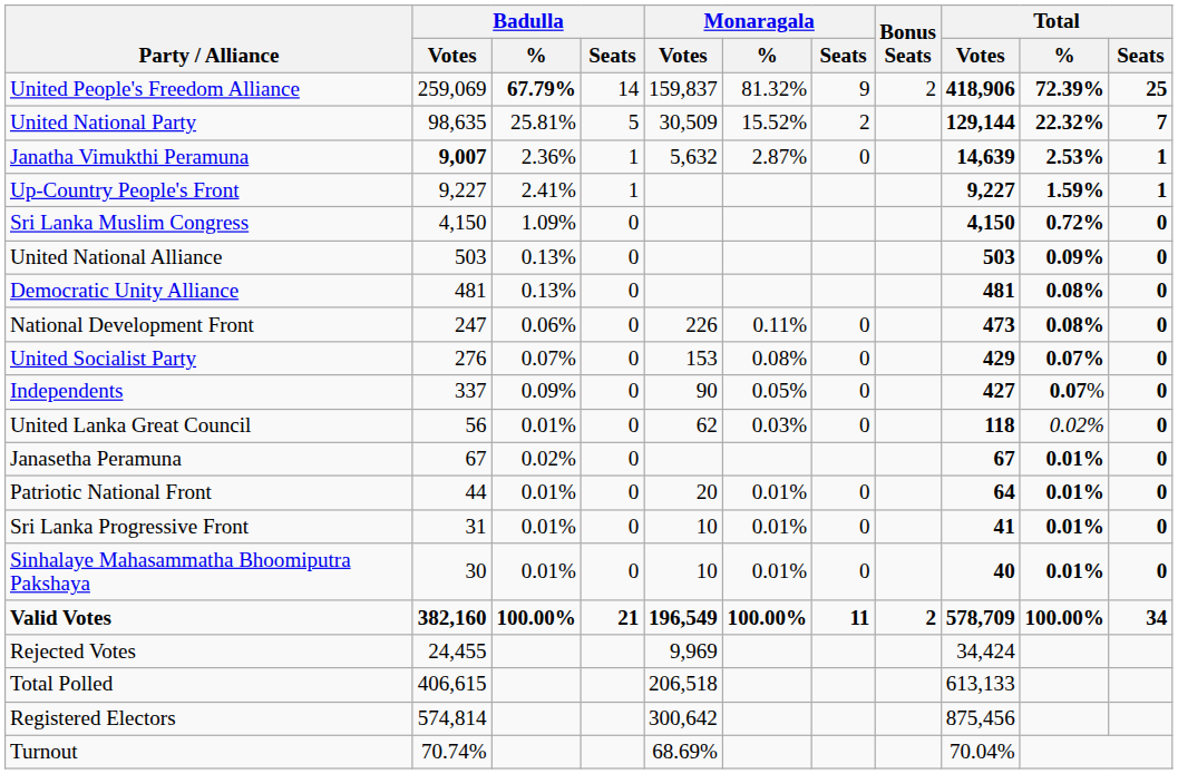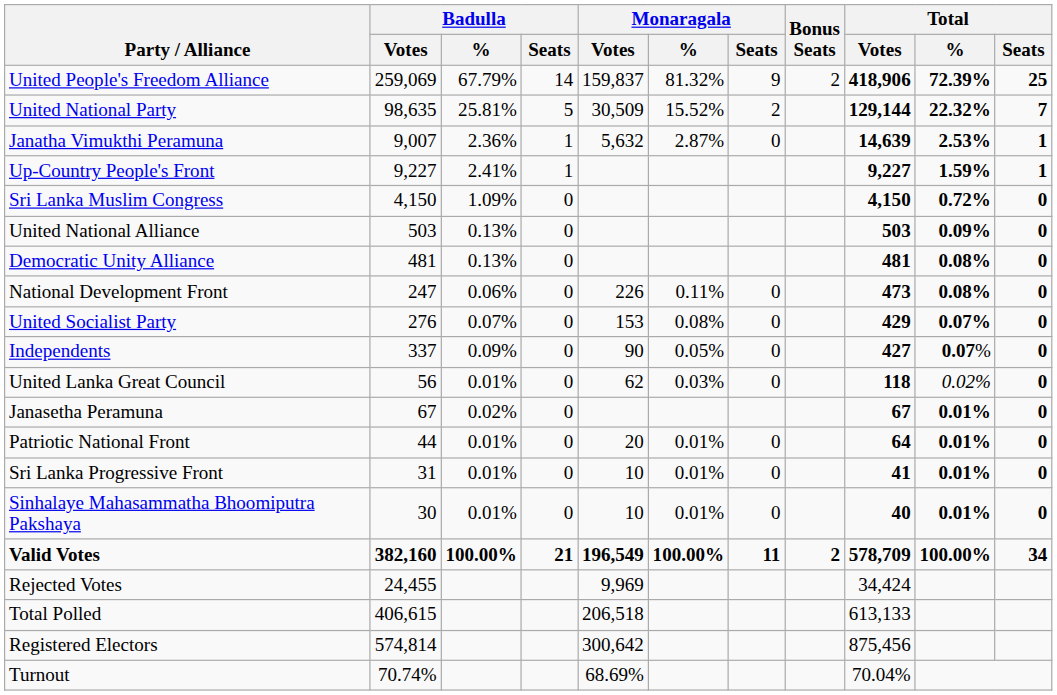 <table class="wikitable" border="1" style="text-align:right;">
 <tr>
 <th valign=bottom rowspan=2 width="300">Party / Alliance</th>
 <th colspan=3><a href='#'>Badulla</a></th>
 <th colspan=3><a href='#'>Monaragala</a></th>
 <th valign=bottom rowspan=2 width="40">Bonus<br>Seats</th>
 <th colspan=3>Total</th>
 </tr>
 <tr>
 <th align=center valign=bottom width="50">Votes</th>
 <th align=center valign=bottom width="50">%</th>
 <th align=center valign=bottom width="40">Seats</th>
 <th align=center valign=bottom width="50">Votes</th>
 <th align=center valign=bottom width="50">%</th>
 <th align=center valign=bottom width="40">Seats</th>
 <th align=center valign=bottom width="50">Votes</th>
 <th align=center valign=bottom width="50">%</th>
 <th align=center valign=bottom width="40">Seats</th>
 </tr>
 <tr>
 <td align=left><a href='#'>United People's Freedom Alliance</a></td>
 <td>259,069</td>
-<td><strong>67.79%</strong></td>
+<td>67.79%</td>
 <td>14</td>
 <td>159,837</td>
 <td>81.32%</td>
 <td>9</td>
 <td>2</td>
 <td><strong>418,906</strong></td>
 <td><strong>72.39%</strong></td>
 <td><strong>25</strong></td>
 </tr>
 <tr>
 <td align=left><a href='#'>United National Party</a></td>
 <td>98,635</td>
 <td>25.81%</td>
 <td>5</td>
 <td>30,509</td>
 <td>15.52%</td>
 <td>2</td>
 <td></td>
 <td><strong>129,144</strong></td>
 <td><strong>22.32%</strong></td>
 <td><strong>7</strong></td>
 </tr>
 <tr>
 <td align=left><a href='#'>Janatha Vimukthi Peramuna</a></td>
-<td><strong>9,007</strong></td>
+<td>9,007</td>
 <td>2.36%</td>
 <td>1</td>
 <td>5,632</td>
 <td>2.87%</td>
 <td>0</td>
 <td></td>
 <td><strong>14,639</strong></td>
 <td><strong>2.53%</strong></td>
 <td><strong>1</strong></td>
 </tr>
 <tr>
 <td align=left><a href='#'>Up-Country People's Front</a></td>
 <td>9,227</td>
 <td>2.41%</td>
 <td>1</td>
 <td></td>
 <td></td>
 <td></td>
 <td></td>
 <td><strong>9,227</strong></td>
 <td><strong>1.59%</strong></td>
 <td><strong>1</strong></td>
 </tr>
 <tr>
 <td align=left><a href='#'>Sri Lanka Muslim Congress</a></td>
 <td>4,150</td>
 <td>1.09%</td>
 <td>0</td>
 <td></td>
 <td></td>
 <td></td>
 <td></td>
 <td><strong>4,150</strong></td>
 <td><strong>0.72%</strong></td>
 <td><strong>0</strong></td>
 </tr>
 <tr>
 <td align=left>United National Alliance</td>
 <td>503</td>
 <td>0.13%</td>
 <td>0</td>
 <td></td>
 <td></td>
 <td></td>
 <td></td>
 <td><strong>503</strong></td>
 <td><strong>0.09%</strong></td>
 <td><strong>0</strong></td>
 </tr>
 <tr>
 <td align=left><a href='#'>Democratic Unity Alliance</a></td>
 <td>481</td>
 <td>0.13%</td>
 <td>0</td>
 <td></td>
 <td></td>
 <td></td>
 <td></td>
 <td><strong>481</strong></td>
 <td><strong>0.08%</strong></td>
 <td><strong>0</strong></td>
 </tr>
 <tr>
 <td align=left>National Development Front</td>
 <td>247</td>
 <td>0.06%</td>
 <td>0</td>
 <td>226</td>
 <td>0.11%</td>
 <td>0</td>
 <td></td>
 <td><strong>473</strong></td>
 <td><strong>0.08%</strong></td>
 <td><strong>0</strong></td>
 </tr>
 <tr>
 <td align=left><a href='#'>United Socialist Party</a></td>
 <td>276</td>
 <td>0.07%</td>
 <td>0</td>
 <td>153</td>
 <td>0.08%</td>
 <td>0</td>
 <td></td>
 <td><strong>429</strong></td>
 <td><strong>0.07%</strong></td>
 <td><strong>0</strong></td>
 </tr>
 <tr>
 <td align=left><a href='#'>Independents</a></td>
 <td>337</td>
 <td>0.09%</td>
 <td>0</td>
 <td>90</td>
 <td>0.05%</td>
 <td>0</td>
 <td></td>
 <td><strong>427</strong></td>
 <td><strong>0.07</strong>%</td>
 <td><strong>0</strong></td>
 </tr>
 <tr>
 <td align=left>United Lanka Great Council</td>
 <td>56</td>
 <td>0.01%</td>
 <td>0</td>
 <td>62</td>
 <td>0.03%</td>
 <td>0</td>
 <td></td>
 <td><strong>118</strong></td>
 <td><em>0.02%</em></td>
 <td><strong>0</strong></td>
 </tr>
 <tr>
 <td align=left>Janasetha Peramuna</td>
 <td>67</td>
 <td>0.02%</td>
 <td>0</td>
 <td></td>
 <td></td>
 <td></td>
 <td></td>
 <td><strong>67</strong></td>
 <td><strong>0.01%</strong></td>
 <td><strong>0</strong></td>
 </tr>
 <tr>
 <td align=left>Patriotic National Front</td>
 <td>44</td>
 <td>0.01%</td>
 <td>0</td>
 <td>20</td>
 <td>0.01%</td>
 <td>0</td>
 <td></td>
 <td><strong>64</strong></td>
 <td><strong>0.01%</strong></td>
 <td><strong>0</strong></td>
 </tr>
 <tr>
 <td align=left>Sri Lanka Progressive Front</td>
 <td>31</td>
 <td>0.01%</td>
 <td>0</td>
 <td>10</td>
 <td>0.01%</td>
 <td>0</td>
 <td></td>
 <td><strong>41</strong></td>
 <td><strong>0.01%</strong></td>
 <td><strong>0</strong></td>
 </tr>
 <tr>
 <td align=left><a href='#'>Sinhalaye Mahasammatha Bhoomiputra Pakshaya</a></td>
 <td>30</td>
 <td>0.01%</td>
 <td>0</td>
 <td>10</td>
 <td>0.01%</td>
 <td>0</td>
 <td></td>
 <td><strong>40</strong></td>
 <td><strong>0.01%</strong></td>
 <td><strong>0</strong></td>
 </tr>
 <tr>
 <td align=left><strong>Valid Votes</strong></td>
 <td><strong>382,160</strong></td>
 <td><strong>100.00%</strong></td>
 <td><strong>21</strong></td>
 <td><strong>196,549</strong></td>
 <td><strong>100.00%</strong></td>
 <td><strong>11</strong></td>
 <td><strong>2</strong></td>
 <td><strong>578,709</strong></td>
 <td><strong>100.00%</strong></td>
 <td><strong>34</strong></td>
 </tr>
 <tr>
 <td align=left>Rejected Votes</td>
 <td>24,455</td>
 <td></td>
 <td></td>
 <td>9,969</td>
 <td></td>
 <td></td>
 <td></td>
 <td>34,424</td>
 <td></td>
 <td></td>
 </tr>
 <tr>
 <td align=left>Total Polled</td>
 <td>406,615</td>
 <td></td>
 <td></td>
 <td>206,518</td>
 <td></td>
 <td></td>
 <td></td>
 <td>613,133</td>
 <td></td>
 <td></td>
 </tr>
 <tr>
 <td align=left>Registered Electors</td>
 <td>574,814</td>
 <td></td>
 <td></td>
 <td>300,642</td>
 <td></td>
 <td></td>
 <td></td>
 <td>875,456</td>
 <td></td>
 <td></td>
 </tr>
 <tr>
 <td align=left>Turnout</td>
 <td>70.74%</td>
 <td></td>
 <td></td>
 <td>68.69%</td>
 <td></td>
 <td></td>
 <td></td>
 <td>70.04%</td>
 </tr>
 </table>
